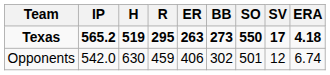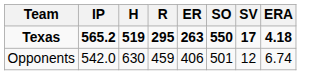 <table class="wikitable sortable">
 <tr>
 <th>Team</th>
 <th>IP</th>
 <th>H</th>
 <th>R</th>
 <th>ER</th>
-<th>BB</th>
 <th>SO</th>
 <th>SV</th>
 <th>ERA</th>
 </tr>
 <tr style="text-align:center; font-weight: bold;">
 <td>Texas</td>
 <td>565.2</td>
 <td>519</td>
 <td>295</td>
 <td>263</td>
-<td>273</td>
 <td>550</td>
 <td>17</td>
 <td>4.18</td>
 </tr>
 <tr style="text-align:center;">
 <td>Opponents</td>
 <td>542.0</td>
 <td>630</td>
 <td>459</td>
 <td>406</td>
-<td>302</td>
 <td>501</td>
 <td>12</td>
 <td>6.74</td>
 </tr>
 </table>
